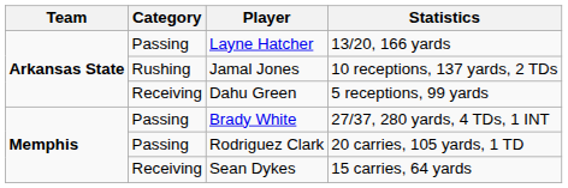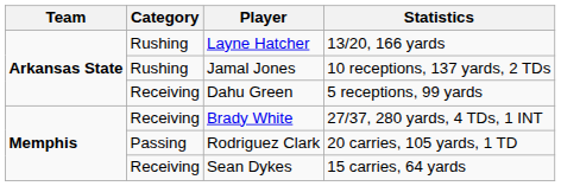 <table class="wikitable" style="float: left;">
 <tr>
 <th>Team</th>
 <th>Category</th>
 <th>Player</th>
 <th>Statistics</th>
 </tr>
 <tr>
 <td rowspan=3><strong>Arkansas State</strong></td>
-<td>Passing</td>
+<td>Rushing</td>
 <td><a href='#'>Layne Hatcher</a></td>
 <td>13/20, 166 yards</td>
 </tr>
 <tr>
 <td>Rushing</td>
 <td>Jamal Jones</td>
 <td>10 receptions, 137 yards, 2 TDs</td>
 </tr>
 <tr>
 <td>Receiving</td>
 <td>Dahu Green</td>
 <td>5 receptions, 99 yards</td>
 </tr>
 <tr>
 <td rowspan=3><strong>Memphis</strong></td>
-<td>Passing</td>
+<td>Receiving</td>
 <td><a href='#'>Brady White</a></td>
 <td>27/37, 280 yards, 4 TDs, 1 INT</td>
 </tr>
 <tr>
 <td>Passing</td>
 <td>Rodriguez Clark</td>
 <td>20 carries, 105 yards, 1 TD</td>
 </tr>
 <tr>
 <td>Receiving</td>
 <td>Sean Dykes</td>
 <td>15 carries, 64 yards</td>
 </tr>
 </table>
